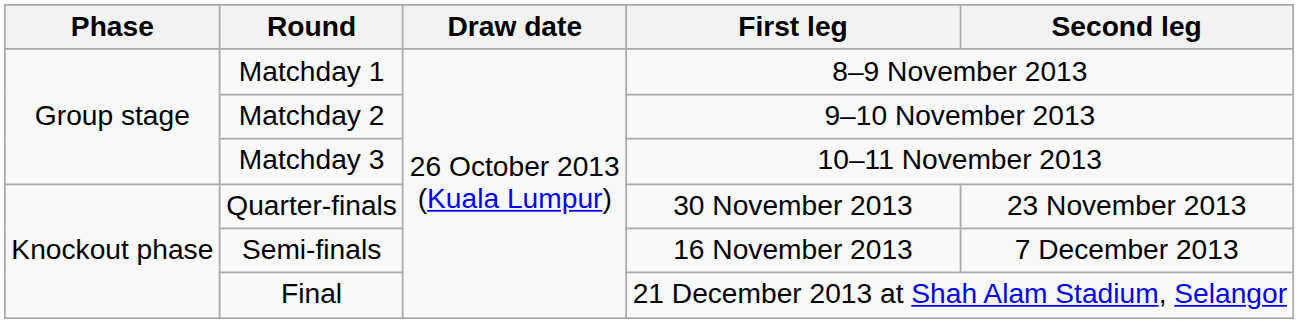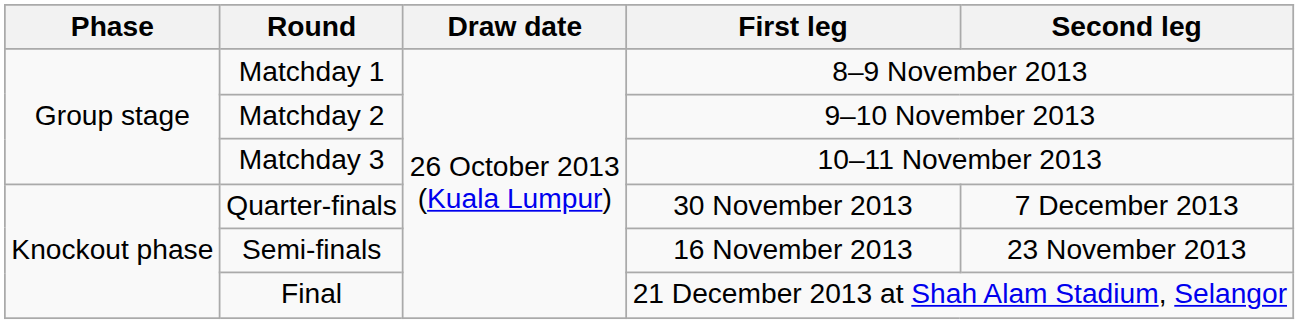 <table class="wikitable" style="text-align:center">
 <tr>
 <th>Phase</th>
 <th>Round</th>
 <th>Draw date</th>
 <th>First leg</th>
 <th>Second leg</th>
 </tr>
 <tr>
 <td rowspan=3>Group stage</td>
 <td>Matchday 1</td>
 <td rowspan=6>26 October 2013<br>(<a href='#'>Kuala Lumpur</a>)</td>
 <td colspan=2>8–9 November 2013</td>
 </tr>
 <tr>
 <td>Matchday 2</td>
 <td colspan=2>9–10 November 2013</td>
 </tr>
 <tr>
 <td>Matchday 3</td>
 <td colspan=2>10–11 November 2013</td>
 </tr>
 <tr>
 <td rowspan=3>Knockout phase</td>
 <td>Quarter-finals</td>
 <td>30 November 2013</td>
-<td>23 November 2013</td>
+<td>7 December 2013</td>
 </tr>
 <tr>
 <td>Semi-finals</td>
 <td>16 November 2013</td>
-<td>7 December 2013</td>
+<td>23 November 2013</td>
 </tr>
 <tr>
 <td>Final</td>
 <td colspan=2>21 December 2013 at <a href='#'>Shah Alam Stadium</a>, <a href='#'>Selangor</a></td>
 </tr>
 </table>
